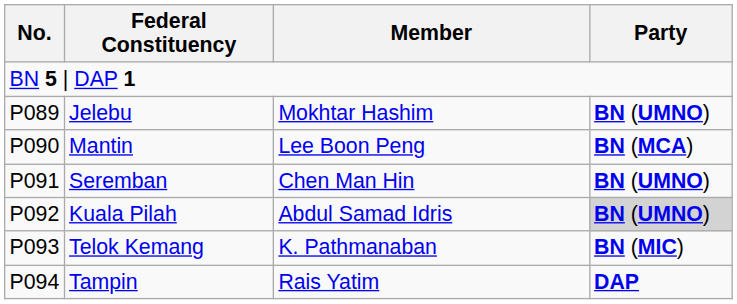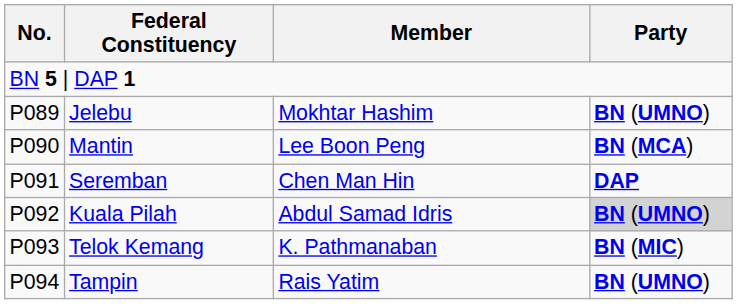 <table class="wikitable sortable">
 <tr>
 <th style="width:30px;">No.</th>
 <th style="width:150px;">Federal Constituency</th>
 <th style="width:230px;">Member</th>
 <th style="width:100px;">Party</th>
 </tr>
 <tr>
 <td colspan="4"><a href='#'>BN</a> <strong>5</strong> | <a href='#'>DAP</a> <strong>1</strong></td>
 </tr>
 <tr>
 <td>P089</td>
 <td><a href='#'>Jelebu</a></td>
 <td><a href='#'>Mokhtar Hashim</a></td>
 <td><strong><a href='#'>BN</a></strong> (<strong><a href='#'>UMNO</a></strong>)</td>
 </tr>
 <tr>
 <td>P090</td>
 <td><a href='#'>Mantin</a></td>
 <td><a href='#'>Lee Boon Peng</a></td>
 <td><strong><a href='#'>BN</a></strong> (<strong><a href='#'>MCA</a></strong>)</td>
 </tr>
 <tr>
 <td>P091</td>
 <td><a href='#'>Seremban</a></td>
 <td><a href='#'>Chen Man Hin</a></td>
-<td><strong><a href='#'>BN</a></strong> (<strong><a href='#'>UMNO</a></strong>)</td>
+<td><strong><a href='#'>DAP</a></strong></td>
 </tr>
 <tr>
 <td>P092</td>
 <td><a href='#'>Kuala Pilah</a></td>
 <td><a href='#'>Abdul Samad Idris</a></td>
 <td style="background: lightgrey;"><strong><a href='#'>BN</a></strong> (<strong><a href='#'>UMNO</a></strong>)</td>
 </tr>
 <tr>
 <td>P093</td>
 <td><a href='#'>Telok Kemang</a></td>
 <td><a href='#'>K. Pathmanaban</a></td>
 <td><strong><a href='#'>BN</a></strong> (<strong><a href='#'>MIC</a></strong>)</td>
 </tr>
 <tr>
 <td>P094</td>
 <td><a href='#'>Tampin</a></td>
 <td><a href='#'>Rais Yatim</a></td>
-<td><strong><a href='#'>DAP</a></strong></td>
+<td><strong><a href='#'>BN</a></strong> (<strong><a href='#'>UMNO</a></strong>)</td>
 </tr>
 </table>
